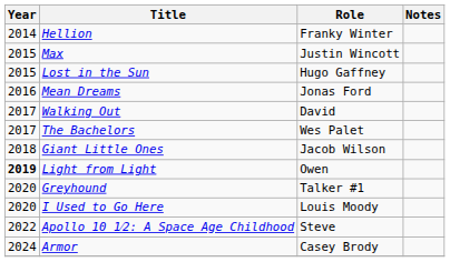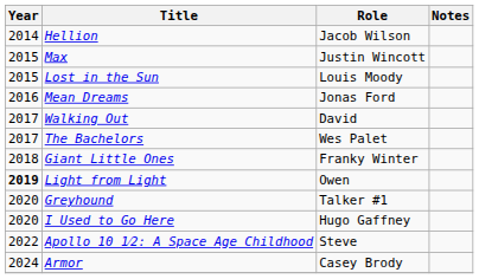 <table class="wikitable sortable">
 <tr>
 <th>Year</th>
 <th>Title</th>
 <th>Role</th>
 <th>Notes</th>
 </tr>
 <tr>
 <td>2014</td>
 <td><em><a href='#'>Hellion</a></em></td>
-<td>Franky Winter</td>
+<td>Jacob Wilson</td>
 <td></td>
 </tr>
 <tr>
 <td>2015</td>
 <td><em><a href='#'>Max</a></em></td>
 <td>Justin Wincott</td>
 <td></td>
 </tr>
 <tr>
 <td>2015</td>
 <td><em><a href='#'>Lost in the Sun</a></em></td>
-<td>Hugo Gaffney</td>
+<td>Louis Moody</td>
 <td></td>
 </tr>
 <tr>
 <td>2016</td>
 <td><em><a href='#'>Mean Dreams</a></em></td>
 <td>Jonas Ford</td>
 <td></td>
 </tr>
 <tr>
 <td>2017</td>
 <td><em><a href='#'>Walking Out</a></em></td>
 <td>David</td>
 <td></td>
 </tr>
 <tr>
 <td>2017</td>
 <td><em><a href='#'>The Bachelors</a></em></td>
 <td>Wes Palet</td>
 <td></td>
 </tr>
 <tr>
 <td>2018</td>
 <td><em><a href='#'>Giant Little Ones</a></em></td>
-<td>Jacob Wilson</td>
+<td>Franky Winter</td>
 <td></td>
 </tr>
 <tr>
 <td><strong>2019</strong></td>
 <td><em><a href='#'>Light from Light</a></em></td>
 <td>Owen</td>
 <td></td>
 </tr>
 <tr>
 <td>2020</td>
 <td><em><a href='#'>Greyhound</a></em></td>
 <td>Talker #1</td>
 <td></td>
 </tr>
 <tr>
 <td>2020</td>
 <td><em><a href='#'>I Used to Go Here</a></em></td>
-<td>Louis Moody</td>
+<td>Hugo Gaffney</td>
 <td></td>
 </tr>
 <tr>
 <td>2022</td>
 <td><em><a href='#'>Apollo 10 1⁄2: A Space Age Childhood</a></em></td>
 <td>Steve</td>
 <td></td>
 </tr>
 <tr>
 <td>2024</td>
 <td><em><a href='#'>Armor</a></em></td>
 <td>Casey Brody</td>
 <td></td>
 </tr>
 <tr>
 </tr>
 </table>
